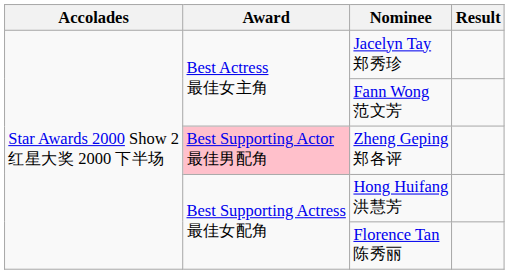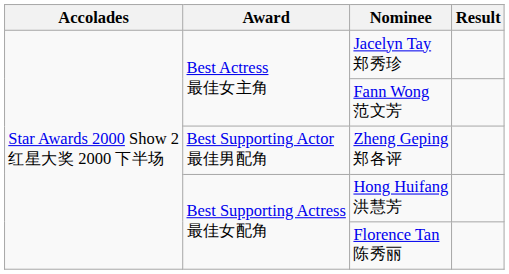 <table class="wikitable">
 <tr>
 <th>Accolades</th>
 <th>Award</th>
 <th>Nominee</th>
 <th>Result</th>
 </tr>
 <tr>
 <td rowspan="5"><a href='#'>Star Awards 2000</a> Show 2 <br> 红星大奖 2000 下半场</td>
 <td rowspan="2"><a href='#'>Best Actress</a> <br> 最佳女主角</td>
 <td><a href='#'>Jacelyn Tay</a>  <br> 郑秀珍</td>
 <td></td>
 </tr>
 <tr>
 <td><a href='#'>Fann Wong</a> <br> 范文芳</td>
 <td></td>
 </tr>
 <tr>
-<td style="background: pink;"><a href='#'>Best Supporting Actor</a> <br> 最佳男配角</td>
+<td><a href='#'>Best Supporting Actor</a> <br> 最佳男配角</td>
 <td><a href='#'>Zheng Geping</a> <br> 郑各评</td>
 <td></td>
 </tr>
 <tr>
 <td rowspan="2"><a href='#'>Best Supporting Actress</a> <br>最佳女配角</td>
 <td><a href='#'>Hong Huifang</a> <br> 洪慧芳</td>
 <td></td>
 </tr>
 <tr>
 <td><a href='#'>Florence Tan</a> <br> 陈秀丽</td>
 <td></td>
 </tr>
 </table>
